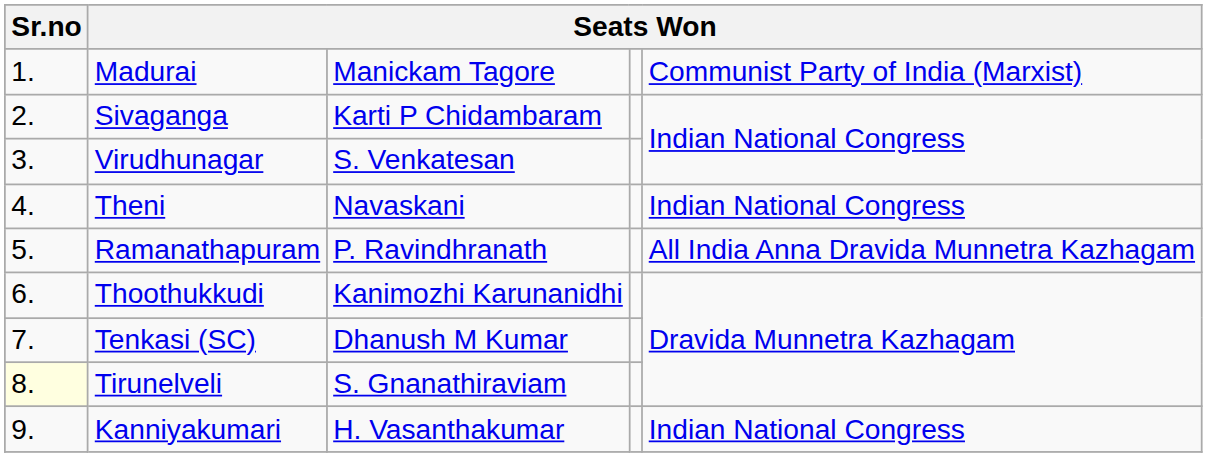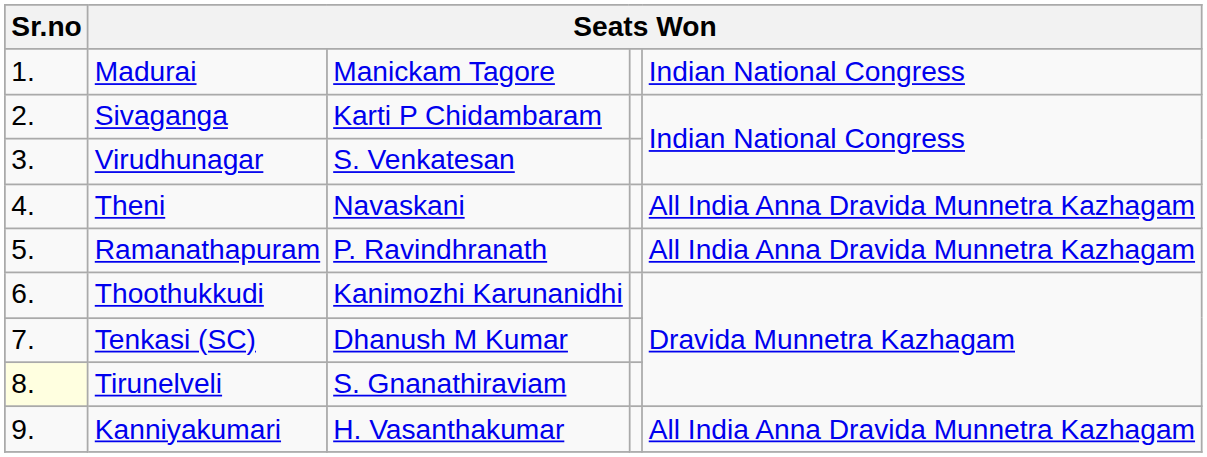 <table class="wikitable">
 <tr>
 <th>Sr.no</th>
 <th colspan="4">Seats Won</th>
 </tr>
 <tr>
 <td>1.</td>
 <td><a href='#'>Madurai</a></td>
 <td><a href='#'>Manickam Tagore</a></td>
 <td></td>
-<td><a href='#'>Communist Party of India (Marxist)</a></td>
+<td><a href='#'>Indian National Congress</a></td>
 </tr>
 <tr>
 <td>2.</td>
 <td><a href='#'>Sivaganga</a></td>
 <td><a href='#'>Karti P Chidambaram</a></td>
 <td></td>
 <td rowspan=2><a href='#'>Indian National Congress</a></td>
 </tr>
 <tr>
 <td>3.</td>
 <td><a href='#'>Virudhunagar</a></td>
 <td><a href='#'>S. Venkatesan</a></td>
 <td></td>
 </tr>
 <tr>
 <td>4.</td>
 <td><a href='#'>Theni</a></td>
 <td><a href='#'>Navaskani</a></td>
 <td></td>
-<td><a href='#'>Indian National Congress</a></td>
+<td><a href='#'>All India Anna Dravida Munnetra Kazhagam</a></td>
 </tr>
 <tr>
 <td>5.</td>
 <td><a href='#'>Ramanathapuram</a></td>
 <td><a href='#'>P. Ravindhranath</a></td>
 <td></td>
 <td><a href='#'>All India Anna Dravida Munnetra Kazhagam</a></td>
 </tr>
 <tr>
 <td>6.</td>
 <td><a href='#'>Thoothukkudi</a></td>
 <td><a href='#'>Kanimozhi Karunanidhi</a></td>
 <td></td>
 <td rowspan=3><a href='#'>Dravida Munnetra Kazhagam</a></td>
 </tr>
 <tr>
 <td>7.</td>
 <td><a href='#'>Tenkasi (SC)</a></td>
 <td><a href='#'>Dhanush M Kumar</a></td>
 <td></td>
 </tr>
 <tr>
 <td style="background: lightyellow;">8.</td>
 <td><a href='#'>Tirunelveli</a></td>
 <td><a href='#'>S. Gnanathiraviam</a></td>
 <td></td>
 </tr>
 <tr>
 <td>9.</td>
 <td><a href='#'>Kanniyakumari</a></td>
 <td><a href='#'>H. Vasanthakumar</a></td>
 <td></td>
-<td><a href='#'>Indian National Congress</a></td>
+<td><a href='#'>All India Anna Dravida Munnetra Kazhagam</a></td>
 </tr>
 </table>
